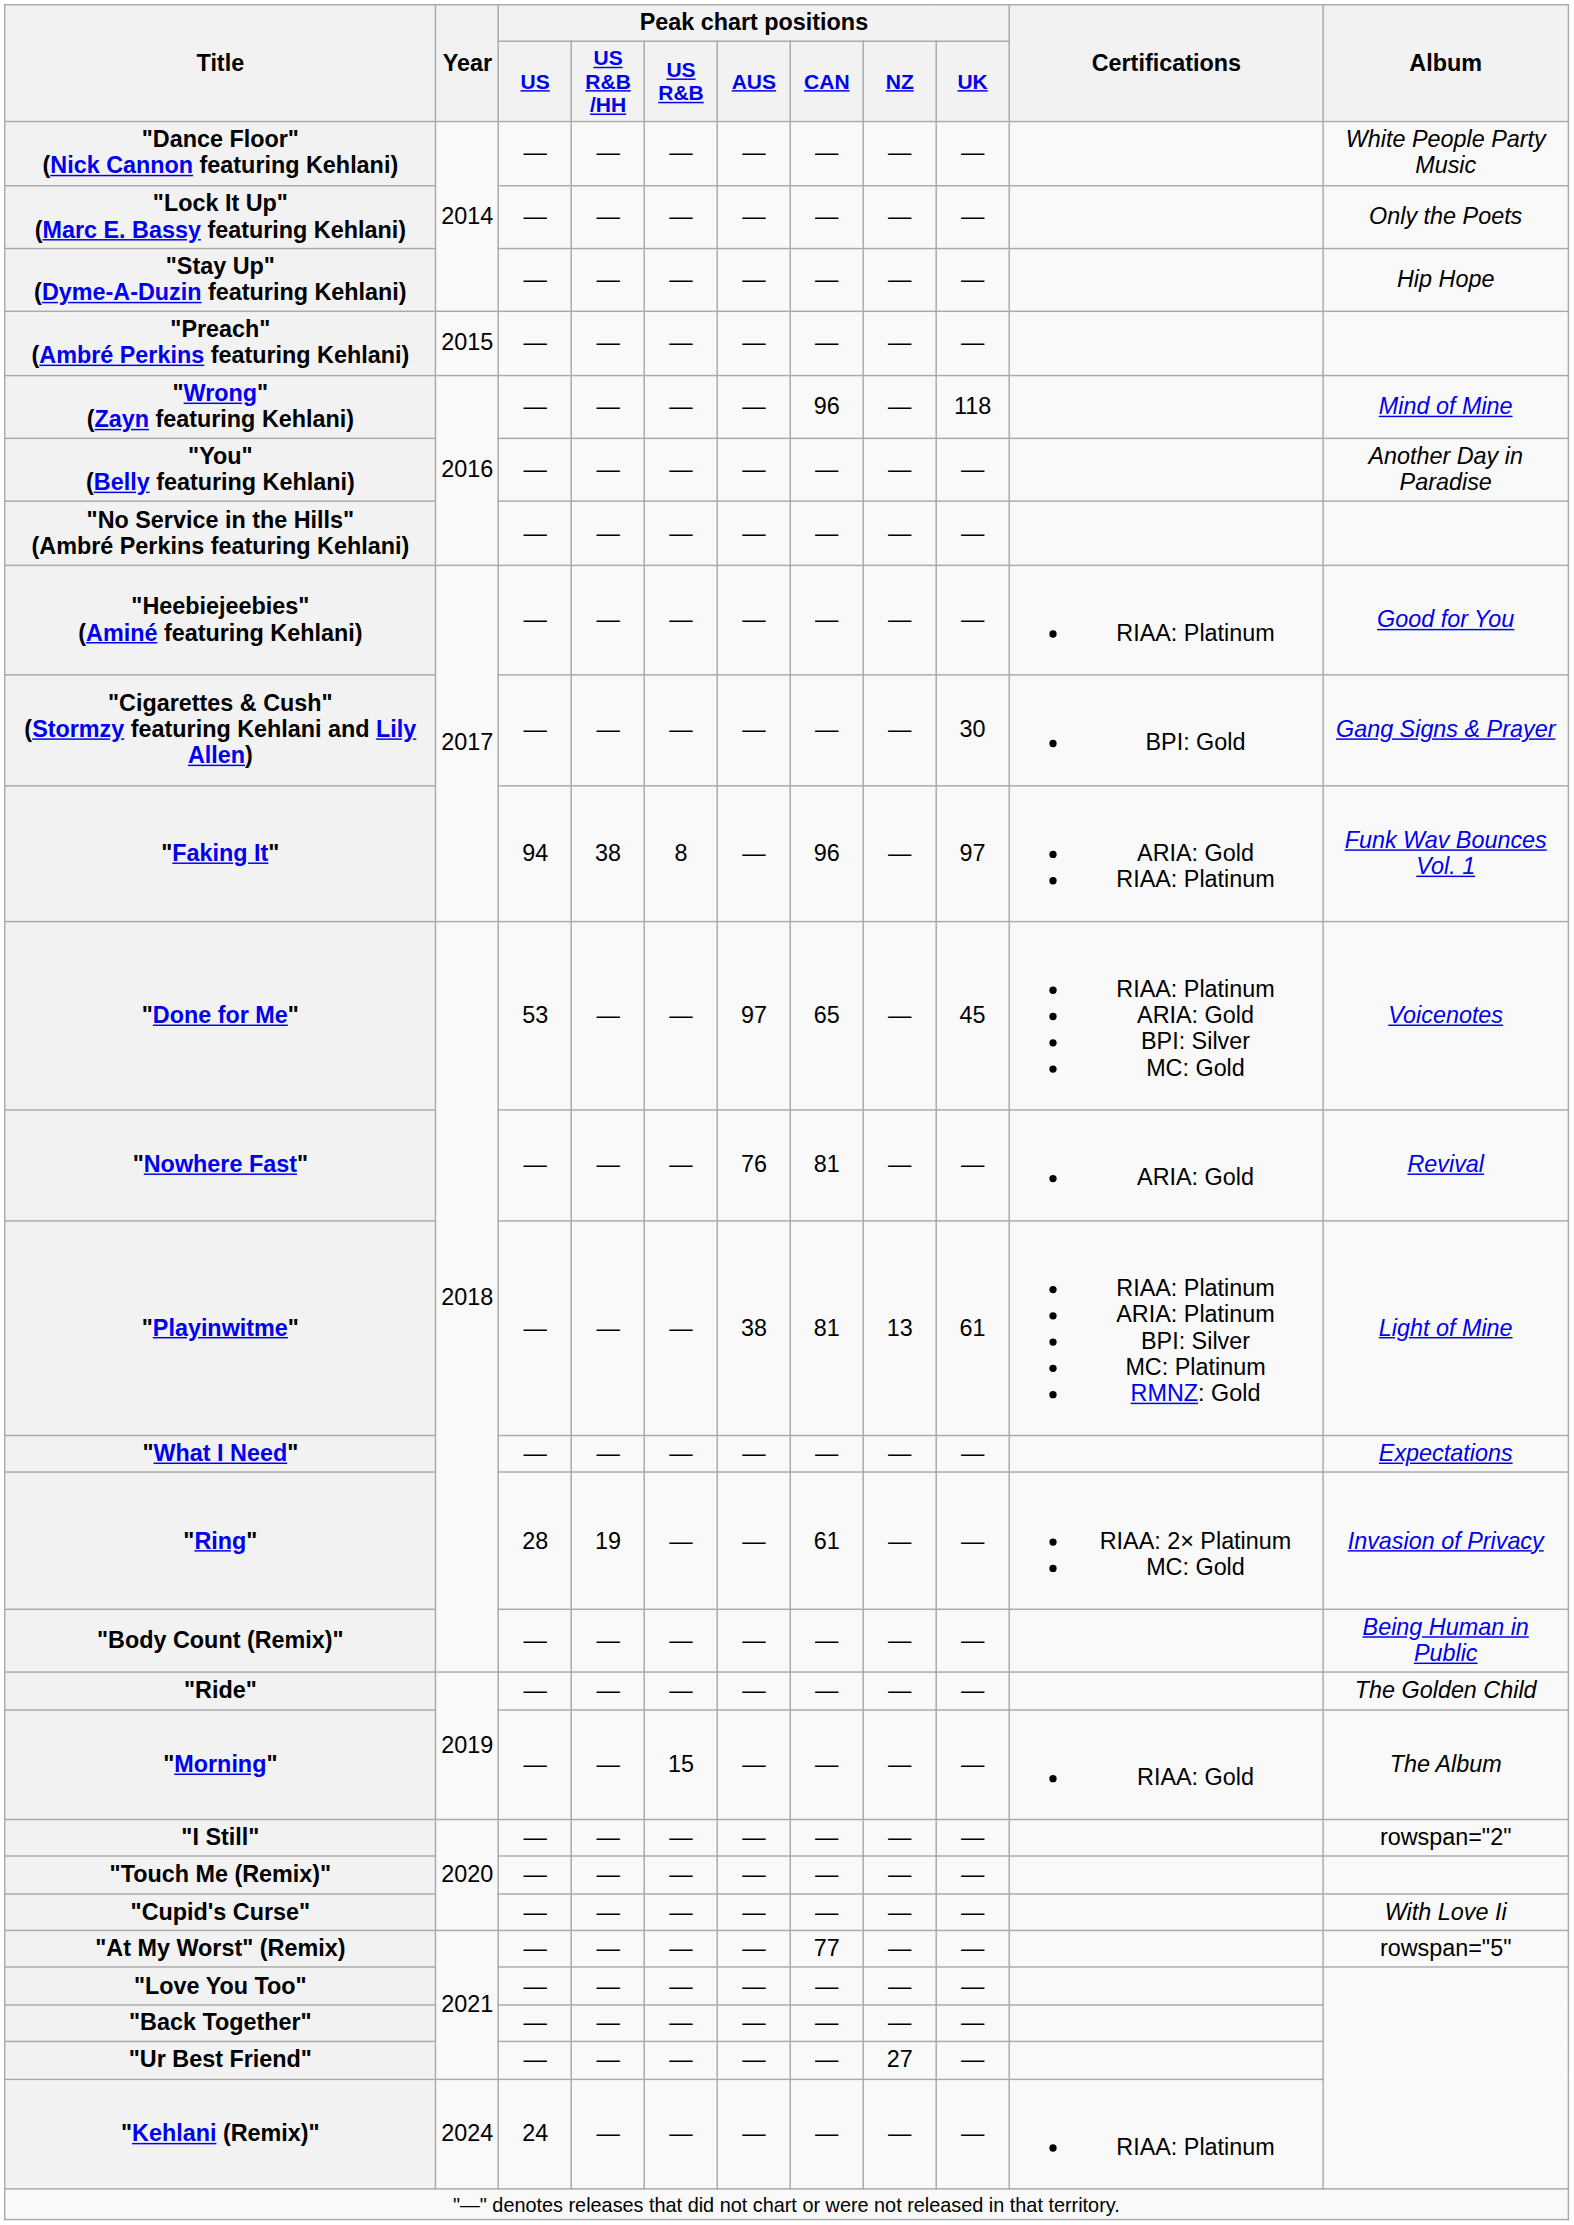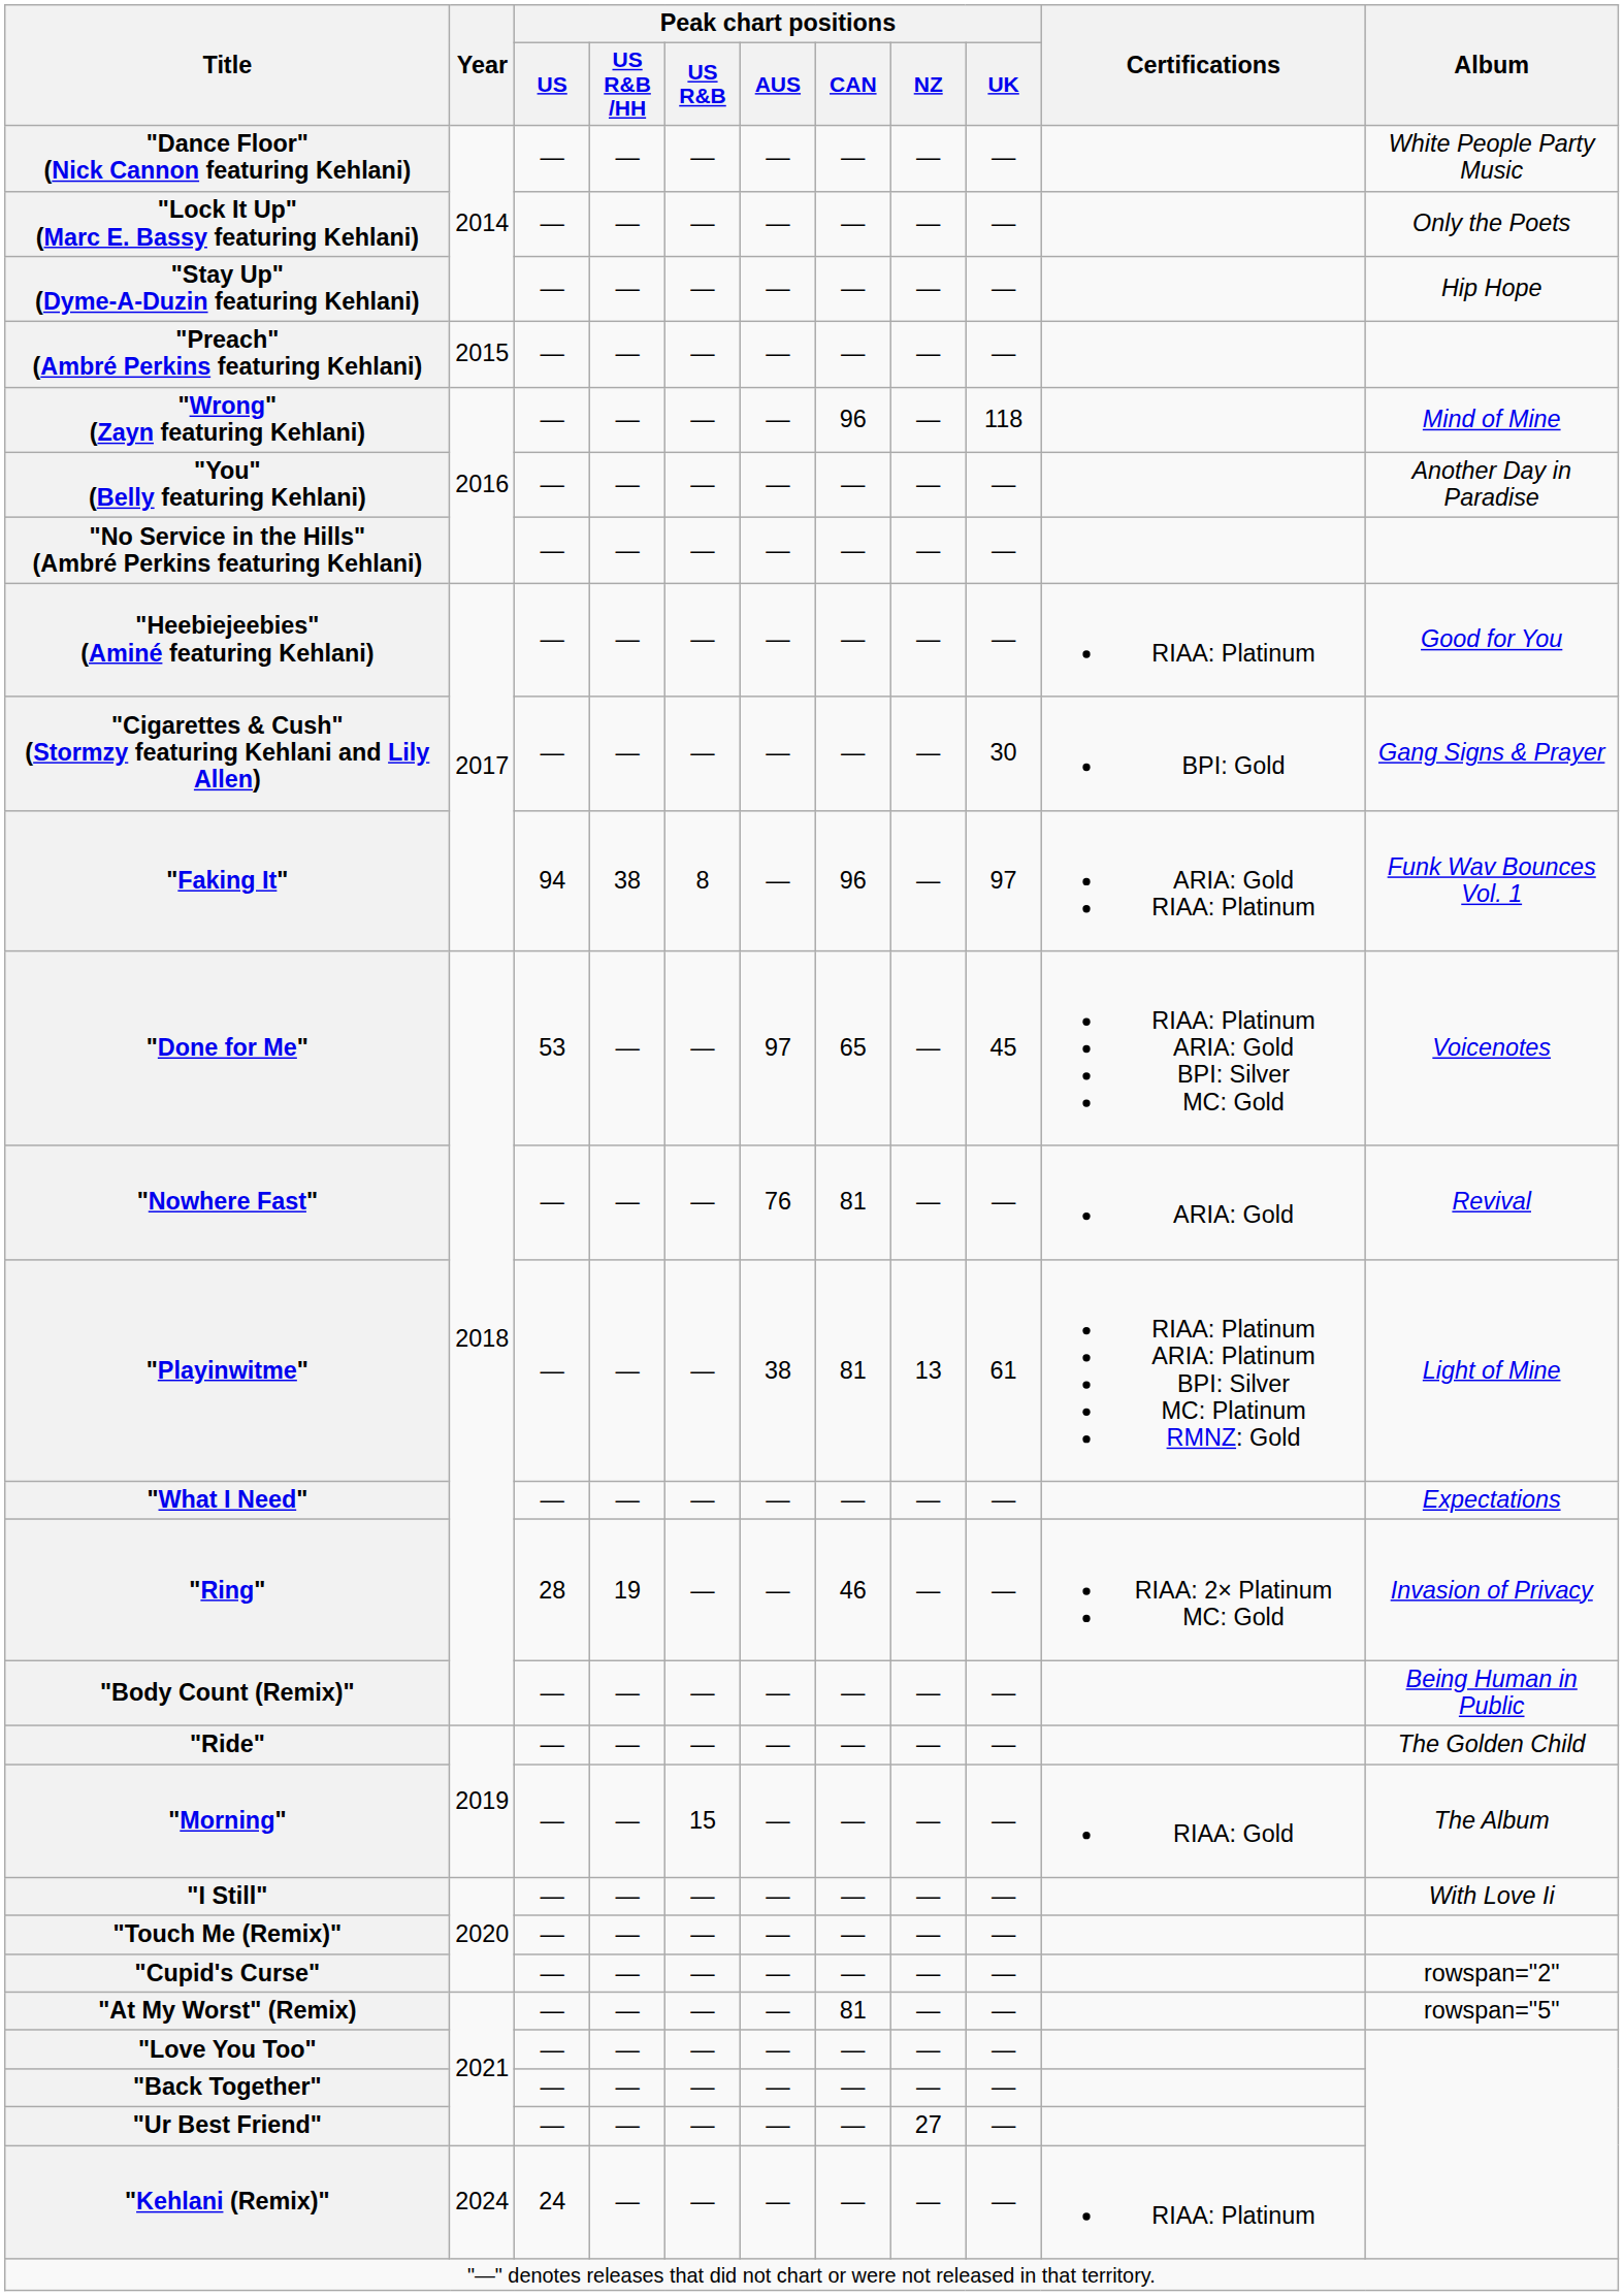 <table class="wikitable plainrowheaders" style="text-align:center;">
 <tr>
 <th scope="col" rowspan="2" style="width:18em;">Title</th>
 <th scope="col" rowspan="2" style="width:1em;">Year</th>
 <th scope="col" colspan="7">Peak chart positions</th>
 <th scope="col" rowspan="2" style="width:13em;">Certifications</th>
 <th scope="col" rowspan="2" style="width:10em;">Album</th>
 </tr>
 <tr>
 <th scope="col" style="width:3em;font-size:90%;"><a href='#'>US</a><br></th>
 <th scope="col" style="width:3em;font-size:90%;"><a href='#'>US<br>R&B<br>/HH</a><br></th>
 <th scope="col" style="width:3em;font-size:90%;"><a href='#'>US R&B</a><br></th>
 <th scope="col" style="width:3em;font-size:90%;"><a href='#'>AUS</a><br></th>
 <th scope="col" style="width:3em;font-size:90%;"><a href='#'>CAN</a><br></th>
 <th scope="col" style="width:3em;font-size:90%;"><a href='#'>NZ</a><br></th>
 <th scope="col" style="width:3em;font-size:90%;"><a href='#'>UK</a><br></th>
 </tr>
 <tr>
 <th scope="row">"Dance Floor"<br><span>(<a href='#'>Nick Cannon</a> featuring Kehlani)</span></th>
 <td rowspan="3">2014</td>
 <td>—</td>
 <td>—</td>
 <td>—</td>
 <td>—</td>
 <td>—</td>
 <td>—</td>
 <td>—</td>
 <td></td>
 <td><em>White People Party Music</em></td>
 </tr>
 <tr>
 <th scope="row">"Lock It Up"<br><span>(<a href='#'>Marc E. Bassy</a> featuring Kehlani)</span></th>
 <td>—</td>
 <td>—</td>
 <td>—</td>
 <td>—</td>
 <td>—</td>
 <td>—</td>
 <td>—</td>
 <td></td>
 <td><em>Only the Poets</em></td>
 </tr>
 <tr>
 <th scope="row">"Stay Up"<br><span>(<a href='#'>Dyme-A-Duzin</a> featuring Kehlani)</span></th>
 <td>—</td>
 <td>—</td>
 <td>—</td>
 <td>—</td>
 <td>—</td>
 <td>—</td>
 <td>—</td>
 <td></td>
 <td><em>Hip Hope</em></td>
 </tr>
 <tr>
 <th scope="row">"Preach"<br><span>(<a href='#'>Ambré Perkins</a> featuring Kehlani)</span></th>
 <td>2015</td>
 <td>—</td>
 <td>—</td>
 <td>—</td>
 <td>—</td>
 <td>—</td>
 <td>—</td>
 <td>—</td>
 <td></td>
 <td></td>
 </tr>
 <tr>
 <th scope="row">"<a href='#'>Wrong</a>"<br><span>(<a href='#'>Zayn</a> featuring Kehlani)</span></th>
 <td rowspan="3">2016</td>
 <td>—</td>
 <td>—</td>
 <td>—</td>
 <td>—</td>
 <td>96</td>
 <td>—</td>
 <td>118</td>
 <td></td>
 <td><em><a href='#'>Mind of Mine</a></em></td>
 </tr>
 <tr>
 <th scope="row">"You"<br><span>(<a href='#'>Belly</a> featuring Kehlani)</span></th>
 <td>—</td>
 <td>—</td>
 <td>—</td>
 <td>—</td>
 <td>—</td>
 <td>—</td>
 <td>—</td>
 <td></td>
 <td><em>Another Day in Paradise</em></td>
 </tr>
 <tr>
 <th scope="row">"No Service in the Hills"<br><span>(Ambré Perkins featuring Kehlani)</span></th>
 <td>—</td>
 <td>—</td>
 <td>—</td>
 <td>—</td>
 <td>—</td>
 <td>—</td>
 <td>—</td>
 <td></td>
 <td></td>
 </tr>
 <tr>
 <th scope="row">"Heebiejeebies"<br><span>(<a href='#'>Aminé</a> featuring Kehlani)</span></th>
 <td rowspan="3">2017</td>
 <td>—</td>
 <td>—</td>
 <td>—</td>
 <td>—</td>
 <td>—</td>
 <td>—</td>
 <td>—</td>
 <td><br><ul><li>RIAA: Platinum</li></ul></td>
 <td><em><a href='#'>Good for You</a></em></td>
 </tr>
 <tr>
 <th scope= "row">"Cigarettes & Cush"<br><span>(<a href='#'>Stormzy</a> featuring Kehlani and <a href='#'>Lily Allen</a>)</span></th>
 <td>—</td>
 <td>—</td>
 <td>—</td>
 <td>—</td>
 <td>—</td>
 <td>—</td>
 <td>30</td>
 <td><br><ul><li>BPI: Gold</li></ul></td>
 <td><em><a href='#'>Gang Signs & Prayer</a></em></td>
 </tr>
 <tr>
 <th scope="row">"<a href='#'>Faking It</a>"<br></th>
 <td>94</td>
 <td>38</td>
 <td>8</td>
 <td>—</td>
 <td>96</td>
 <td>—</td>
 <td>97</td>
 <td><br><ul><li>ARIA: Gold</li><li>RIAA: Platinum</li></ul></td>
 <td><em><a href='#'>Funk Wav Bounces Vol. 1</a></em></td>
 </tr>
 <tr>
 <th scope="row">"<a href='#'>Done for Me</a>"<br></th>
 <td rowspan="6">2018</td>
 <td>53</td>
 <td>—</td>
 <td>—</td>
 <td>97</td>
 <td>65</td>
 <td>—</td>
 <td>45</td>
 <td><br><ul><li>RIAA: Platinum</li><li>ARIA: Gold</li><li>BPI: Silver</li><li>MC: Gold</li></ul></td>
 <td><em><a href='#'>Voicenotes</a></em></td>
 </tr>
 <tr>
 <th scope="row">"<a href='#'>Nowhere Fast</a>"<br></th>
 <td>—</td>
 <td>—</td>
 <td>—</td>
 <td>76</td>
 <td>81</td>
 <td>—</td>
 <td>—</td>
 <td><br><ul><li>ARIA: Gold</li></ul></td>
 <td><em><a href='#'>Revival</a></em></td>
 </tr>
 <tr>
 <th scope="row">"<a href='#'>Playinwitme</a>"<br></th>
 <td>—</td>
 <td>—</td>
 <td>—</td>
 <td>38</td>
 <td>81</td>
 <td>13</td>
 <td>61</td>
 <td><br><ul><li>RIAA: Platinum</li><li>ARIA: Platinum</li><li>BPI: Silver</li><li>MC: Platinum</li><li><a href='#'>RMNZ</a>: Gold</li></ul></td>
 <td><em><a href='#'>Light of Mine</a></em></td>
 </tr>
 <tr>
 <th scope="row">"<a href='#'>What I Need</a>"<br></th>
 <td>—</td>
 <td>—</td>
 <td>—</td>
 <td>—</td>
 <td>—</td>
 <td>—</td>
 <td>—</td>
 <td></td>
 <td><em><a href='#'>Expectations</a></em></td>
 </tr>
 <tr>
 <th scope="row">"<a href='#'>Ring</a>"<br></th>
 <td>28</td>
 <td>19</td>
 <td>—</td>
 <td>—</td>
-<td>61</td>
+<td>46</td>
 <td>—</td>
 <td>—</td>
 <td><br><ul><li>RIAA: 2× Platinum</li><li>MC: Gold</li></ul></td>
 <td><em><a href='#'>Invasion of Privacy</a></em></td>
 </tr>
 <tr>
 <th scope="row">"Body Count (Remix)"<br></th>
 <td>—</td>
 <td>—</td>
 <td>—</td>
 <td>—</td>
 <td>—</td>
 <td>—</td>
 <td>—</td>
 <td></td>
 <td><em><a href='#'>Being Human in Public</a></em></td>
 </tr>
 <tr>
 <th scope="row">"Ride"<br></th>
 <td rowspan="2">2019</td>
 <td>—</td>
 <td>—</td>
 <td>—</td>
 <td>—</td>
 <td>—</td>
 <td>—</td>
 <td>—</td>
 <td></td>
 <td><em>The Golden Child</em></td>
 </tr>
 <tr>
 <th scope="row">"<a href='#'>Morning</a>"<br></th>
 <td>—</td>
 <td>—</td>
 <td>15</td>
 <td>—</td>
 <td>—</td>
 <td>—</td>
 <td>—</td>
 <td><br><ul><li>RIAA: Gold</li></ul></td>
 <td><em>The Album</em></td>
 </tr>
 <tr>
 <th scope="row">"I Still"<br></th>
 <td rowspan="3">2020</td>
 <td>—</td>
 <td>—</td>
 <td>—</td>
 <td>—</td>
 <td>—</td>
 <td>—</td>
 <td>—</td>
 <td></td>
-<td>rowspan="2" </td>
+<td><em>With Love Ii</em></td>
 </tr>
 <tr>
 <th scope="row">"Touch Me (Remix)"<br></th>
 <td>—</td>
 <td>—</td>
 <td>—</td>
 <td>—</td>
 <td>—</td>
 <td>—</td>
 <td>—</td>
 <td></td>
 </tr>
 <tr>
 <th scope="row">"Cupid's Curse"<br></th>
 <td>—</td>
 <td>—</td>
 <td>—</td>
 <td>—</td>
 <td>—</td>
 <td>—</td>
 <td>—</td>
 <td></td>
-<td><em>With Love Ii</em></td>
+<td>rowspan="2" </td>
 </tr>
 <tr>
 <th scope="row">"At My Worst" (Remix)<br></th>
 <td rowspan="4">2021</td>
 <td>—</td>
 <td>—</td>
 <td>—</td>
 <td>—</td>
-<td>77</td>
+<td>81</td>
 <td>—</td>
 <td>—</td>
 <td></td>
 <td>rowspan="5" </td>
 </tr>
 <tr>
 <th scope="row">"Love You Too"<br></th>
 <td>—</td>
 <td>—</td>
 <td>—</td>
 <td>—</td>
 <td>—</td>
 <td>—</td>
 <td>—</td>
 <td></td>
 </tr>
 <tr>
 <th scope="row">"Back Together" <br></th>
 <td>—</td>
 <td>—</td>
 <td>—</td>
 <td>—</td>
 <td>—</td>
 <td>—</td>
 <td>—</td>
 <td></td>
 </tr>
 <tr>
 <th scope="row">"Ur Best Friend" <br></th>
 <td>—</td>
 <td>—</td>
 <td>—</td>
 <td>—</td>
 <td>—</td>
 <td>27</td>
 <td>—</td>
 <td></td>
 </tr>
 <tr>
 <th scope="row">"<a href='#'>Kehlani</a> (Remix)" <br></th>
 <td>2024</td>
 <td>24</td>
 <td>—</td>
 <td>—</td>
 <td>—</td>
 <td>—</td>
 <td>—</td>
 <td>—</td>
 <td><br><ul><li>RIAA: Platinum</li></ul></td>
 </tr>
 <tr>
 <td colspan="13" align="center" style="font-size:85%">"—" denotes releases that did not chart or were not released in that territory.</td>
 </tr>
 </table>
